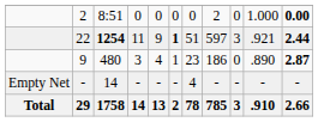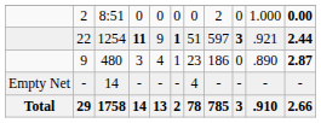 <table class="wikitable sortable">
 <tr align="center">
 </tr>
 <tr align="center" bgcolor="">
 <td></td>
 <td>2</td>
 <td>8:51</td>
 <td>0</td>
 <td>0</td>
 <td>0</td>
 <td>0</td>
 <td>2</td>
 <td>0</td>
 <td>1.000</td>
 <td><strong>0.00</strong></td>
 </tr>
 <tr align="center" bgcolor="f0f0f0">
 <td></td>
 <td>22</td>
-<td><strong>1254</strong></td>
-<td>11</td>
+<td>1254</td>
+<td><strong>11</strong></td>
 <td>9</td>
 <td><strong>1</strong></td>
 <td>51</td>
 <td>597</td>
-<td>3</td>
+<td><strong>3</strong></td>
 <td>.921</td>
 <td><strong>2.44</strong></td>
 </tr>
 <tr align="center" bgcolor="">
 <td></td>
 <td>9</td>
 <td>480</td>
 <td>3</td>
 <td>4</td>
 <td>1</td>
 <td>23</td>
 <td>186</td>
 <td>0</td>
 <td>.890</td>
 <td><strong>2.87</strong></td>
 </tr>
 <tr align="center" bgcolor="f0f0f0">
 <td>Empty Net</td>
 <td>-</td>
 <td>14</td>
 <td>-</td>
 <td>-</td>
 <td>-</td>
 <td>4</td>
 <td>-</td>
 <td>-</td>
 <td>-</td>
 <td>-</td>
 </tr>
 <tr>
 <th>Total</th>
 <th>29</th>
 <th>1758</th>
 <th>14</th>
 <th>13</th>
 <th>2</th>
 <th>78</th>
 <th>785</th>
 <th>3</th>
 <th>.910</th>
 <th>2.66</th>
 </tr>
 </table>
